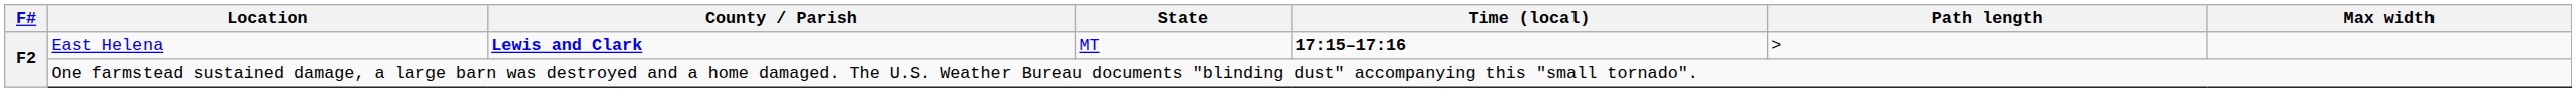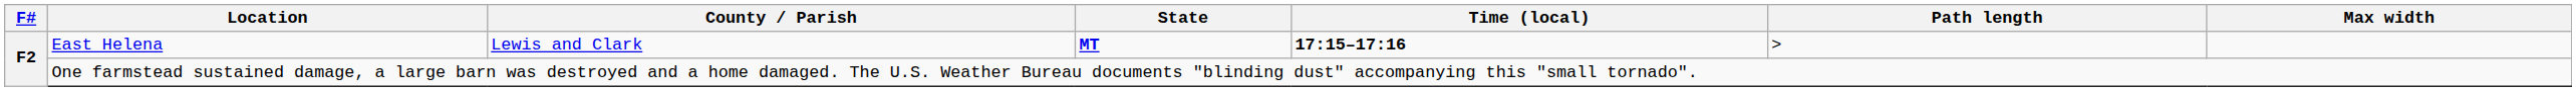 <table class="wikitable sortable" style="width:100%;">
 <tr>
 <th scope="col" align="center"><a href='#'>F#</a><br></th>
 <th scope="col" align="center" class="unsortable">Location</th>
 <th scope="col" align="center" class="unsortable">County / Parish</th>
 <th scope="col" align="center">State</th>
 <th scope="col" align="center">Time (local)</th>
 <th scope="col" align="center">Path length</th>
 <th scope="col" align="center">Max width</th>
 </tr>
 <tr>
 <th scope="row" rowspan="2" style="background-color:#">F2</th>
 <td><a href='#'>East Helena</a></td>
-<td><strong><a href='#'>Lewis and Clark</a></strong></td>
-<td><a href='#'>MT</a></td>
+<td><a href='#'>Lewis and Clark</a></td>
+<td><strong><a href='#'>MT</a></strong></td>
 <td><strong>17:15–17:16</strong></td>
 <td>></td>
 <td></td>
 </tr>
 <tr class="expand-child">
 <td colspan="6" style="border-bottom: 1px solid black;">One farmstead sustained damage, a large barn was destroyed and a home damaged. The U.S. Weather Bureau documents "blinding dust" accompanying this "small tornado".</td>
 </tr>
 </table>
